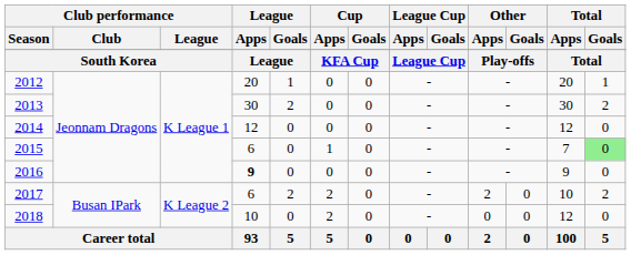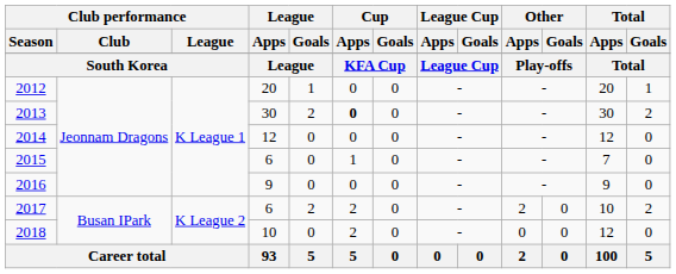 <table class="wikitable" style="text-align:center">
 <tr>
 <th colspan=3>Club performance</th>
 <th colspan=2>League</th>
 <th colspan=2>Cup</th>
 <th colspan=2>League Cup</th>
 <th colspan=2>Other</th>
 <th colspan=2>Total</th>
 </tr>
 <tr>
 <th>Season</th>
 <th>Club</th>
 <th>League</th>
 <th>Apps</th>
 <th>Goals</th>
 <th>Apps</th>
 <th>Goals</th>
 <th>Apps</th>
 <th>Goals</th>
 <th>Apps</th>
 <th>Goals</th>
 <th>Apps</th>
 <th>Goals</th>
 </tr>
 <tr>
 </tr>
 <tr>
 <th colspan=3>South Korea</th>
 <th colspan=2>League</th>
 <th colspan=2><a href='#'>KFA Cup</a></th>
 <th colspan=2><a href='#'>League Cup</a></th>
 <th colspan=2>Play-offs</th>
 <th colspan=2>Total</th>
 </tr>
 <tr>
 <td><a href='#'>2012</a></td>
 <td rowspan="5"><a href='#'>Jeonnam Dragons</a></td>
 <td rowspan="5"><a href='#'>K League 1</a></td>
 <td>20</td>
 <td>1</td>
 <td>0</td>
 <td>0</td>
 <td colspan="2">-</td>
 <td colspan="2">-</td>
 <td>20</td>
 <td>1</td>
 </tr>
 <tr>
 <td><a href='#'>2013</a></td>
 <td>30</td>
 <td>2</td>
-<td>0</td>
+<td><strong>0</strong></td>
 <td>0</td>
 <td colspan="2">-</td>
 <td colspan="2">-</td>
 <td>30</td>
 <td>2</td>
 </tr>
 <tr>
 <td><a href='#'>2014</a></td>
 <td>12</td>
 <td>0</td>
 <td>0</td>
 <td>0</td>
 <td colspan="2">-</td>
 <td colspan="2">-</td>
 <td>12</td>
 <td>0</td>
 </tr>
 <tr>
 <td><a href='#'>2015</a></td>
 <td>6</td>
 <td>0</td>
 <td>1</td>
 <td>0</td>
 <td colspan="2">-</td>
 <td colspan="2">-</td>
 <td>7</td>
-<td style="background: lightgreen;">0</td>
+<td>0</td>
 </tr>
 <tr>
 <td><a href='#'>2016</a></td>
-<td><strong>9</strong></td>
+<td>9</td>
 <td>0</td>
 <td>0</td>
 <td>0</td>
 <td colspan="2">-</td>
 <td colspan="2">-</td>
 <td>9</td>
 <td>0</td>
 </tr>
 <tr>
 <td><a href='#'>2017</a></td>
 <td rowspan="2"><a href='#'>Busan IPark</a></td>
 <td rowspan="2"><a href='#'>K League 2</a></td>
 <td>6</td>
 <td>2</td>
 <td>2</td>
 <td>0</td>
 <td colspan="2">-</td>
 <td>2</td>
 <td>0</td>
 <td>10</td>
 <td>2</td>
 </tr>
 <tr>
 <td><a href='#'>2018</a></td>
 <td>10</td>
 <td>0</td>
 <td>2</td>
 <td>0</td>
 <td colspan="2">-</td>
 <td>0</td>
 <td>0</td>
 <td>12</td>
 <td>0</td>
 </tr>
 <tr>
 <th colspan=3>Career total</th>
 <th>93</th>
 <th>5</th>
 <th>5</th>
 <th>0</th>
 <th>0</th>
 <th>0</th>
 <th>2</th>
 <th>0</th>
 <th>100</th>
 <th>5</th>
 </tr>
 </table>
